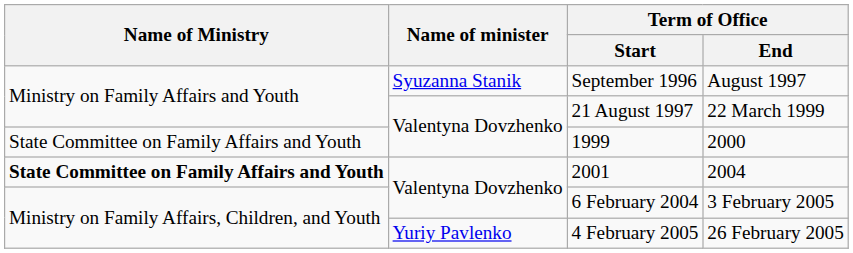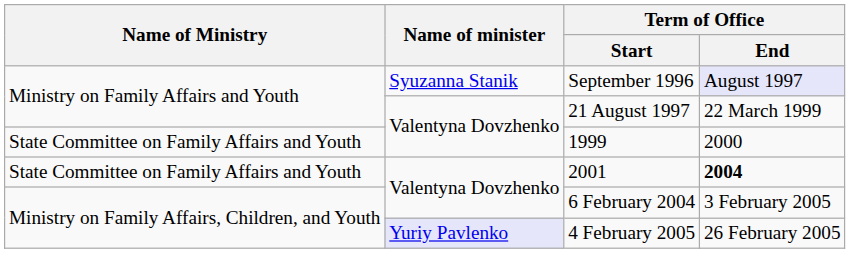 <table class="wikitable">
 <tr>
 <th rowspan="2">Name of Ministry</th>
 <th rowspan="2">Name of minister</th>
 <th colspan="2">Term of Office</th>
 </tr>
 <tr>
 <th>Start</th>
 <th>End</th>
 </tr>
 <tr>
 <td rowspan=2>Ministry on Family Affairs and Youth</td>
 <td><a href='#'>Syuzanna Stanik</a></td>
 <td>September 1996</td>
-<td>August 1997</td>
+<td style="background: lavender;">August 1997</td>
 </tr>
 <tr>
 <td rowspan=2>Valentyna Dovzhenko</td>
 <td>21 August 1997</td>
 <td>22 March 1999</td>
 </tr>
 <tr>
 <td>State Committee on Family Affairs and Youth</td>
 <td>1999</td>
 <td>2000</td>
 </tr>
 <tr>
-<td><strong>State Committee on Family Affairs and Youth</strong></td>
+<td>State Committee on Family Affairs and Youth</td>
 <td rowspan=2>Valentyna Dovzhenko</td>
 <td>2001</td>
-<td>2004</td>
+<td><strong>2004</strong></td>
 </tr>
 <tr>
 <td rowspan=2>Ministry on Family Affairs, Children, and Youth</td>
 <td>6 February 2004</td>
 <td>3 February 2005</td>
 </tr>
 <tr>
-<td><a href='#'>Yuriy Pavlenko</a></td>
+<td style="background: lavender;"><a href='#'>Yuriy Pavlenko</a></td>
 <td>4 February 2005</td>
 <td>26 February 2005</td>
 </tr>
 </table>
